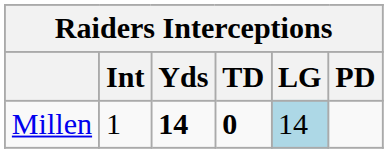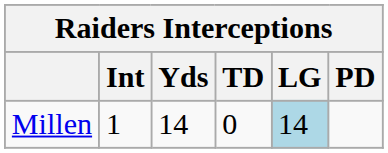 <table class="wikitable">
 <tr>
 <th colspan="6">Raiders Interceptions</th>
 </tr>
 <tr>
 <th></th>
 <th>Int</th>
 <th>Yds</th>
 <th>TD</th>
 <th>LG</th>
 <th>PD</th>
 </tr>
 <tr>
 <td><a href='#'>Millen</a></td>
 <td>1</td>
-<td><strong>14</strong></td>
-<td><strong>0</strong></td>
+<td>14</td>
+<td>0</td>
 <td style="background: lightblue;">14</td>
 <td></td>
 </tr>
 </table>
